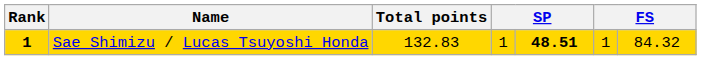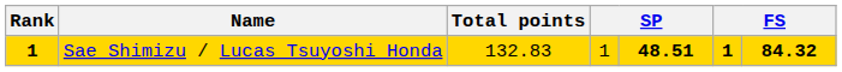 <table class="wikitable sortable">
 <tr>
 <th>Rank</th>
 <th>Name</th>
 <th>Total points</th>
 <th colspan="2" width="80px"><a href='#'>SP</a></th>
 <th colspan="2" width="80px"><a href='#'>FS</a></th>
 </tr>
 <tr bgcolor="gold">
 <td align="center"><strong>1</strong></td>
 <td><a href='#'>Sae Shimizu</a> / <a href='#'>Lucas Tsuyoshi Honda</a></td>
 <td align="center">132.83</td>
 <td align="center">1</td>
 <td align="center"><strong>48.51</strong></td>
-<td align="center">1</td>
-<td align="center">84.32</td>
+<td align="center"><strong>1</strong></td>
+<td align="center"><strong>84.32</strong></td>
 </tr>
 </table>
